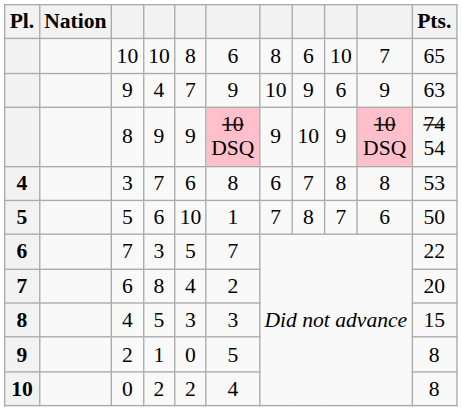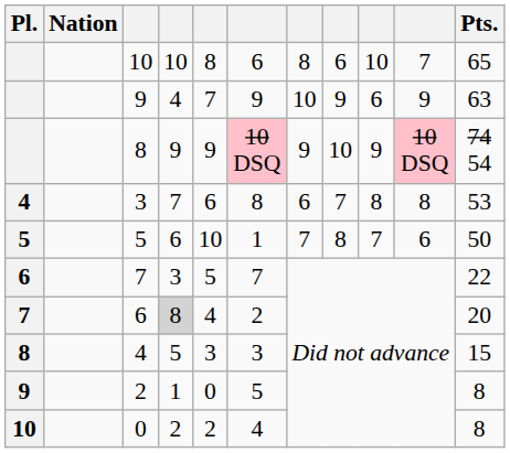 <table class="wikitable sortable" style="text-align:center">
 <tr>
 <th>Pl.</th>
 <th>Nation</th>
 <th></th>
 <th></th>
 <th></th>
 <th></th>
 <th></th>
 <th></th>
 <th></th>
 <th></th>
 <th>Pts.</th>
 </tr>
 <tr>
 <th></th>
 <td align=left></td>
 <td>10</td>
 <td>10</td>
 <td>8</td>
 <td>6</td>
 <td>8</td>
 <td>6</td>
 <td>10</td>
 <td>7</td>
 <td>65</td>
 </tr>
 <tr>
 <th></th>
 <td align=left></td>
 <td>9</td>
 <td>4</td>
 <td>7</td>
 <td>9</td>
 <td>10</td>
 <td>9</td>
 <td>6</td>
 <td>9</td>
 <td>63</td>
 </tr>
 <tr>
 <th></th>
 <td align=left></td>
 <td>8</td>
 <td>9</td>
 <td>9</td>
 <td bgcolor=pink data-sort-value="0"><s>10</s><br> DSQ</td>
 <td>9</td>
 <td>10</td>
 <td>9</td>
 <td bgcolor=pink data-sort-value="0"><s>10</s><br>DSQ</td>
 <td data-sort-value="54"><s>74</s><br>54</td>
 </tr>
 <tr>
 <th>4</th>
 <td align=left></td>
 <td>3</td>
 <td>7</td>
 <td>6</td>
 <td>8</td>
 <td>6</td>
 <td>7</td>
 <td>8</td>
 <td>8</td>
 <td>53</td>
 </tr>
 <tr>
 <th>5</th>
 <td align=left></td>
 <td>5</td>
 <td>6</td>
 <td>10</td>
 <td>1</td>
 <td>7</td>
 <td>8</td>
 <td>7</td>
 <td>6</td>
 <td>50</td>
 </tr>
 <tr>
 <th>6</th>
 <td align=left></td>
 <td>7</td>
 <td>3</td>
 <td>5</td>
 <td>7</td>
 <td colspan="4" rowspan="5"><em>Did not advance</em></td>
 <td>22</td>
 </tr>
 <tr>
 <th>7</th>
 <td align=left></td>
 <td>6</td>
-<td>8</td>
+<td style="background: lightgrey;">8</td>
 <td>4</td>
 <td>2</td>
 <td>20</td>
 </tr>
 <tr>
 <th>8</th>
 <td align=left></td>
 <td>4</td>
 <td>5</td>
 <td>3</td>
 <td>3</td>
 <td>15</td>
 </tr>
 <tr>
 <th>9</th>
 <td align=left></td>
 <td>2</td>
 <td>1</td>
 <td>0</td>
 <td>5</td>
 <td>8</td>
 </tr>
 <tr>
 <th>10</th>
 <td align=left></td>
 <td>0</td>
 <td>2</td>
 <td>2</td>
 <td>4</td>
 <td>8</td>
 </tr>
 </table>
